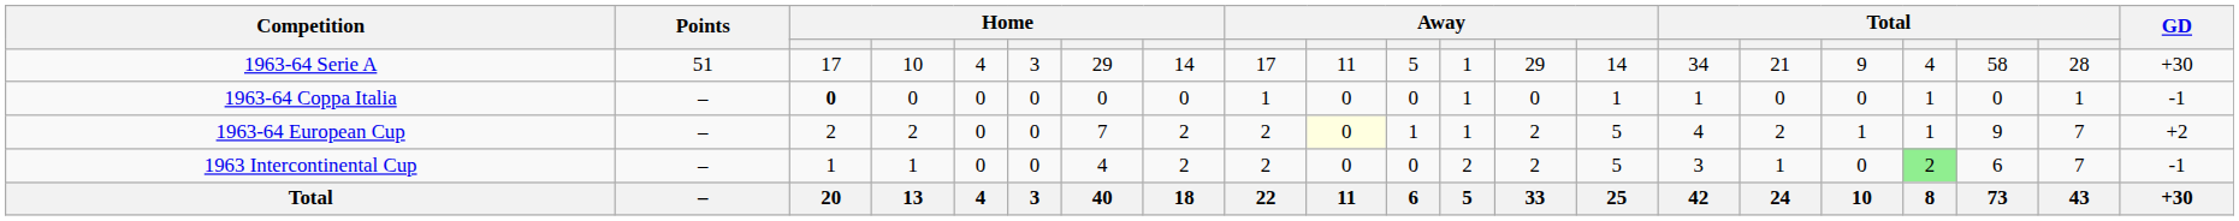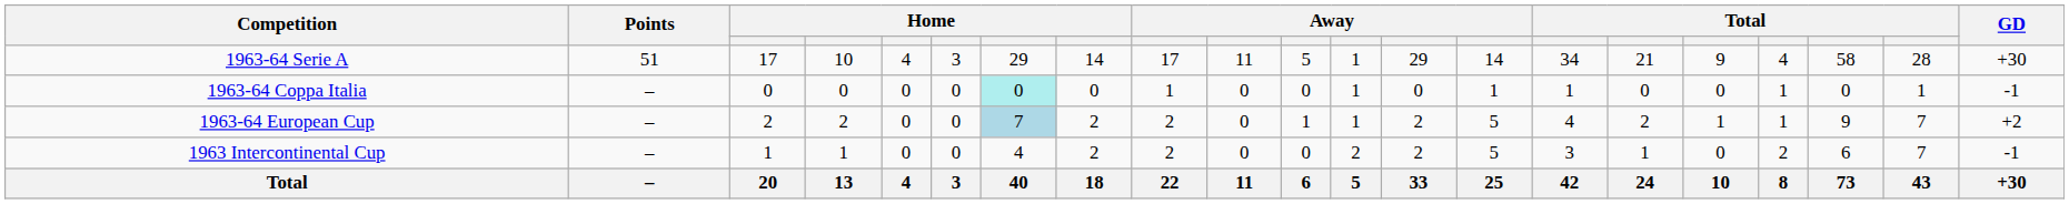 <table class="wikitable" style="font-size:90%;width:100%;margin:auto;clear:both;text-align:center;">
 <tr>
 <th rowspan="2">Competition</th>
 <th rowspan="2">Points</th>
 <th colspan="6">Home</th>
 <th colspan="6">Away</th>
 <th colspan="6">Total</th>
 <th rowspan="2"><a href='#'>GD</a></th>
 </tr>
 <tr>
 <th></th>
 <th></th>
 <th></th>
 <th></th>
 <th></th>
 <th></th>
 <th></th>
 <th></th>
 <th></th>
 <th></th>
 <th></th>
 <th></th>
 <th></th>
 <th></th>
 <th></th>
 <th></th>
 <th></th>
 <th></th>
 </tr>
 <tr>
 <td><a href='#'>1963-64 Serie A</a></td>
 <td>51</td>
 <td>17</td>
 <td>10</td>
 <td>4</td>
 <td>3</td>
 <td>29</td>
 <td>14</td>
 <td>17</td>
 <td>11</td>
 <td>5</td>
 <td>1</td>
 <td>29</td>
 <td>14</td>
 <td>34</td>
 <td>21</td>
 <td>9</td>
 <td>4</td>
 <td>58</td>
 <td>28</td>
 <td>+30</td>
 </tr>
 <tr>
 <td><a href='#'>1963-64 Coppa Italia</a></td>
 <td>–</td>
-<td><strong>0</strong></td>
 <td>0</td>
 <td>0</td>
 <td>0</td>
 <td>0</td>
+<td style="background: paleturquoise;">0</td>
 <td>0</td>
 <td>1</td>
 <td>0</td>
 <td>0</td>
 <td>1</td>
 <td>0</td>
 <td>1</td>
 <td>1</td>
 <td>0</td>
 <td>0</td>
 <td>1</td>
 <td>0</td>
 <td>1</td>
 <td>-1</td>
 </tr>
 <tr>
 <td><a href='#'>1963-64 European Cup</a></td>
 <td>–</td>
 <td>2</td>
 <td>2</td>
 <td>0</td>
 <td>0</td>
-<td>7</td>
+<td style="background: lightblue;">7</td>
 <td>2</td>
 <td>2</td>
-<td style="background: lightyellow;">0</td>
+<td>0</td>
 <td>1</td>
 <td>1</td>
 <td>2</td>
 <td>5</td>
 <td>4</td>
 <td>2</td>
 <td>1</td>
 <td>1</td>
 <td>9</td>
 <td>7</td>
 <td>+2</td>
 </tr>
 <tr>
 <td><a href='#'>1963 Intercontinental Cup</a></td>
 <td>–</td>
 <td>1</td>
 <td>1</td>
 <td>0</td>
 <td>0</td>
 <td>4</td>
 <td>2</td>
 <td>2</td>
 <td>0</td>
 <td>0</td>
 <td>2</td>
 <td>2</td>
 <td>5</td>
 <td>3</td>
 <td>1</td>
 <td>0</td>
-<td style="background: lightgreen;">2</td>
+<td>2</td>
 <td>6</td>
 <td>7</td>
 <td>-1</td>
 </tr>
 <tr>
 <th>Total</th>
 <th>–</th>
 <th>20</th>
 <th>13</th>
 <th>4</th>
 <th>3</th>
 <th>40</th>
 <th>18</th>
 <th>22</th>
 <th>11</th>
 <th>6</th>
 <th>5</th>
 <th>33</th>
 <th>25</th>
 <th>42</th>
 <th>24</th>
 <th>10</th>
 <th>8</th>
 <th>73</th>
 <th>43</th>
 <th>+30</th>
 </tr>
 </table>
